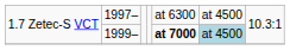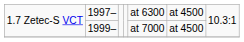 <table class="wikitable">
 <tr>
 <td rowspan=2>1.7 Zetec-S <a href='#'>VCT</a></td>
 <td>1997–</td>
 <td rowspan=2></td>
 <td rowspan=2></td>
 <td> at 6300</td>
 <td> at 4500</td>
 <td rowspan=2>10.3:1</td>
 </tr>
 <tr>
 <td>1999–</td>
-<td><strong> at 7000</strong></td>
-<td style="background: lightblue;"> at 4500</td>
+<td> at 7000</td>
+<td> at 4500</td>
 </tr>
 <tr>
 </tr>
 </table>
